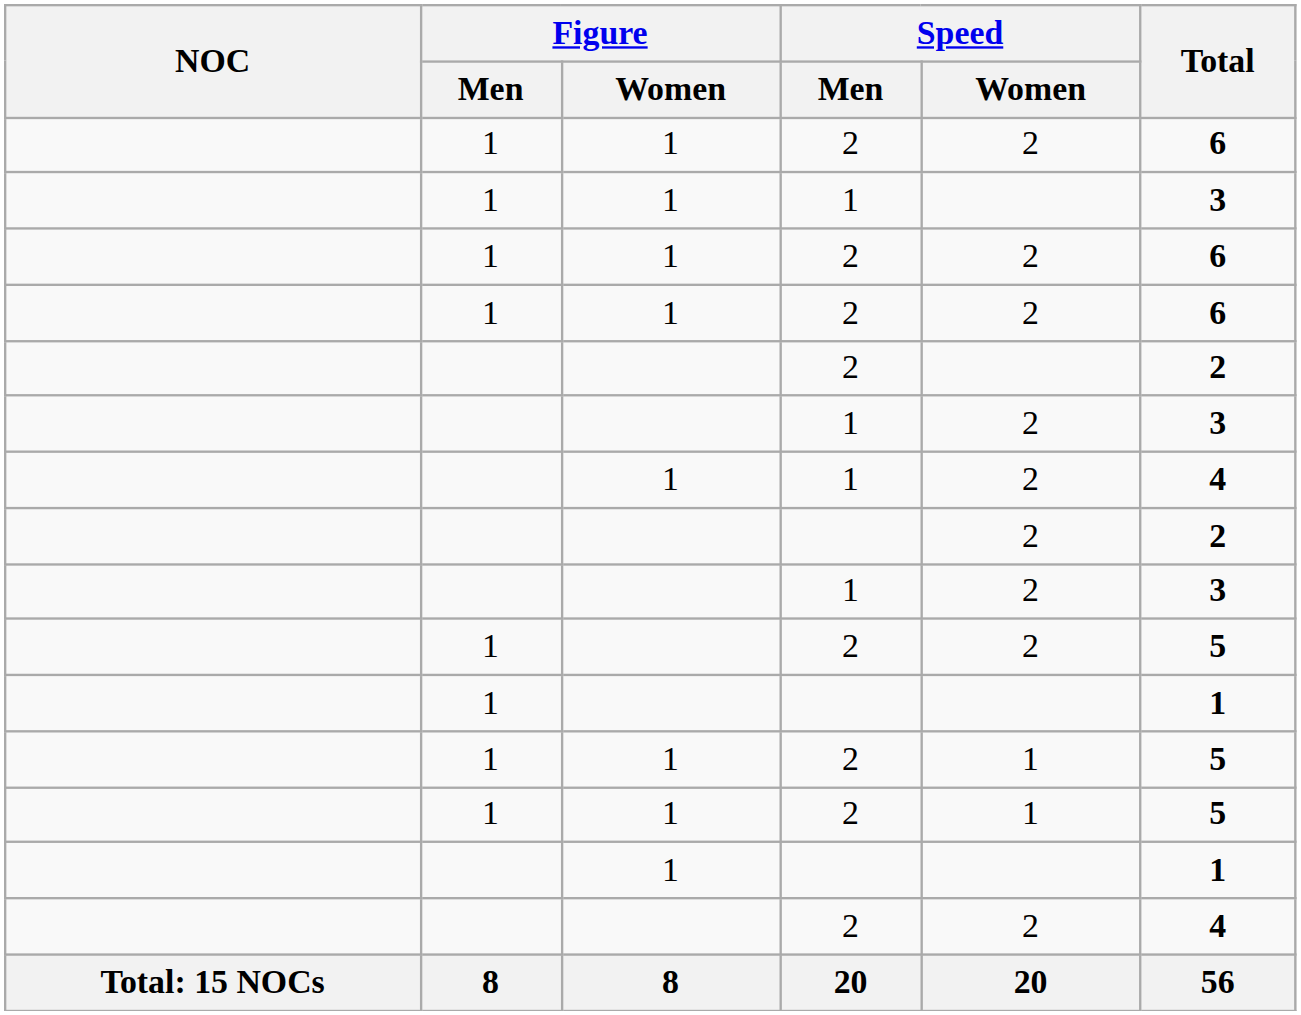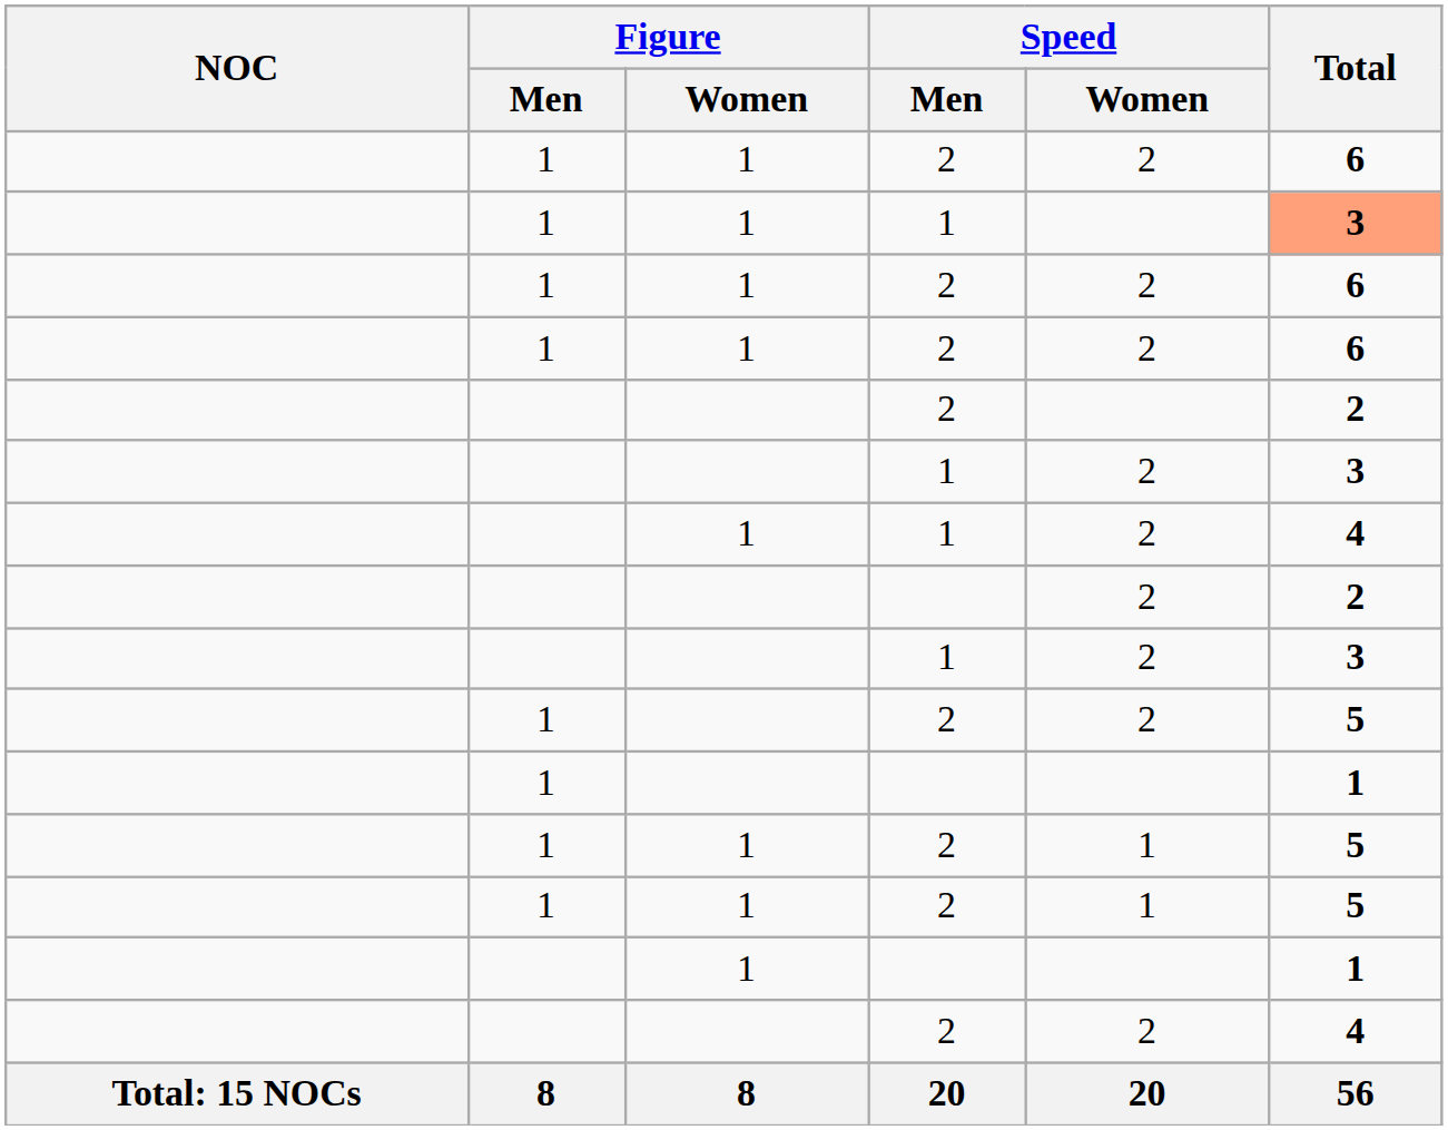 <table class="wikitable" width=550 style="text-align:center; font-size:90%">
 <tr>
 <th rowspan="2" align="left">NOC</th>
 <th colspan="2"><a href='#'>Figure</a></th>
 <th colspan="2"><a href='#'>Speed</a></th>
 <th rowspan="2">Total</th>
 </tr>
 <tr>
 <th>Men</th>
 <th>Women</th>
 <th>Men</th>
 <th>Women</th>
 </tr>
 <tr>
 <td align="left"></td>
 <td>1</td>
 <td>1</td>
 <td>2</td>
 <td>2</td>
 <td><strong>6</strong></td>
 </tr>
 <tr>
 <td align="left"></td>
 <td>1</td>
 <td>1</td>
 <td>1</td>
 <td></td>
-<td><strong>3</strong></td>
+<td style="background: lightsalmon;"><strong>3</strong></td>
 </tr>
 <tr>
 <td align="left"></td>
 <td>1</td>
 <td>1</td>
 <td>2</td>
 <td>2</td>
 <td><strong>6</strong></td>
 </tr>
 <tr>
 <td align="left"></td>
 <td>1</td>
 <td>1</td>
 <td>2</td>
 <td>2</td>
 <td><strong>6</strong></td>
 </tr>
 <tr>
 <td align="left"></td>
 <td></td>
 <td></td>
 <td>2</td>
 <td></td>
 <td><strong>2</strong></td>
 </tr>
 <tr>
 <td align="left"></td>
 <td></td>
 <td></td>
 <td>1</td>
 <td>2</td>
 <td><strong>3</strong></td>
 </tr>
 <tr>
 <td align="left"></td>
 <td></td>
 <td>1</td>
 <td>1</td>
 <td>2</td>
 <td><strong>4</strong></td>
 </tr>
 <tr>
 <td align="left"></td>
 <td></td>
 <td></td>
 <td></td>
 <td>2</td>
 <td><strong>2</strong></td>
 </tr>
 <tr>
 <td align="left"></td>
 <td></td>
 <td></td>
 <td>1</td>
 <td>2</td>
 <td><strong>3</strong></td>
 </tr>
 <tr>
 <td align="left"></td>
 <td>1</td>
 <td></td>
 <td>2</td>
 <td>2</td>
 <td><strong>5</strong></td>
 </tr>
 <tr>
 <td align="left"></td>
 <td>1</td>
 <td></td>
 <td></td>
 <td></td>
 <td><strong>1</strong></td>
 </tr>
 <tr>
 <td align="left"></td>
 <td>1</td>
 <td>1</td>
 <td>2</td>
 <td>1</td>
 <td><strong>5</strong></td>
 </tr>
 <tr>
 <td align="left"></td>
 <td>1</td>
 <td>1</td>
 <td>2</td>
 <td>1</td>
 <td><strong>5</strong></td>
 </tr>
 <tr>
 <td align="left"></td>
 <td></td>
 <td>1</td>
 <td></td>
 <td></td>
 <td><strong>1</strong></td>
 </tr>
 <tr>
 <td align="left"></td>
 <td></td>
 <td></td>
 <td>2</td>
 <td>2</td>
 <td><strong>4</strong></td>
 </tr>
 <tr>
 <th>Total: 15 NOCs</th>
 <th>8</th>
 <th>8</th>
 <th>20</th>
 <th>20</th>
 <th>56</th>
 </tr>
 </table>
